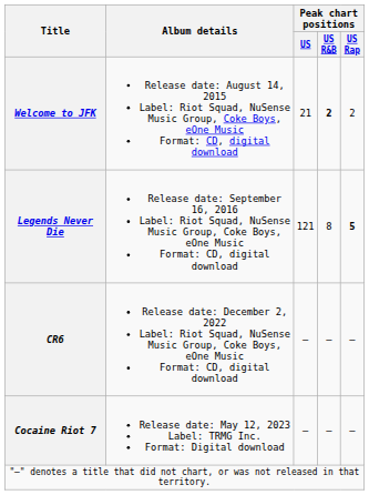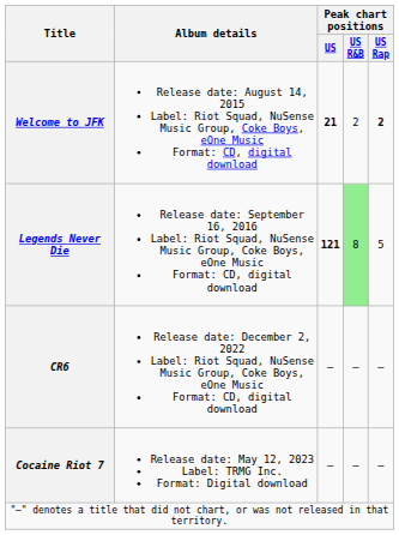 <table class="wikitable plainrowheaders" style="text-align:center;">
 <tr>
 <th scope="col" rowspan="2" style="width:10em;">Title</th>
 <th scope="col" rowspan="2" style="width:19em;">Album details</th>
 <th scope="col" colspan="3">Peak chart positions</th>
 </tr>
 <tr>
 <th scope="col" style="width:2.2em;font-size:90%;"><a href='#'>US</a></th>
 <th scope="col" style="width:2.2em;font-size:90%;"><a href='#'>US R&B</a></th>
 <th scope="col" style="width:2.2em;font-size:90%;"><a href='#'>US<br>Rap</a></th>
 </tr>
 <tr>
 <th scope="row"><em><a href='#'>Welcome to JFK</a></em></th>
 <td><br><ul><li>Release date: August 14, 2015</li><li>Label: Riot Squad, NuSense Music Group, <a href='#'>Coke Boys</a>, <a href='#'>eOne Music</a></li><li>Format: <a href='#'>CD</a>, <a href='#'>digital download</a></li></ul></td>
-<td>21</td>
+<td><strong>21</strong></td>
+<td>2</td>
 <td><strong>2</strong></td>
-<td>2</td>
 </tr>
 <tr>
 <th scope="row"><em><a href='#'>Legends Never Die</a></em></th>
 <td><br><ul><li>Release date: September 16, 2016</li><li>Label: Riot Squad, NuSense Music Group, Coke Boys, eOne Music</li><li>Format: CD, digital download</li></ul></td>
-<td>121</td>
-<td>8</td>
-<td><strong>5</strong></td>
+<td><strong>121</strong></td>
+<td style="background: lightgreen;">8</td>
+<td>5</td>
 </tr>
 <tr>
 <th scope="row"><em>CR6</em></th>
 <td><br><ul><li>Release date: December 2, 2022</li><li>Label: Riot Squad, NuSense Music Group, Coke Boys, eOne Music</li><li>Format: CD, digital download</li></ul></td>
 <td>—</td>
 <td>—</td>
 <td>—</td>
 </tr>
 <tr>
 <th scope="row"><em>Cocaine Riot 7</em></th>
 <td><br><ul><li>Release date: May 12, 2023</li><li>Label: TRMG Inc.</li><li>Format: Digital download</li></ul></td>
 <td>—</td>
 <td>—</td>
 <td>—</td>
 </tr>
 <tr>
 <td colspan="14" style="font-size:90%">"—" denotes a title that did not chart, or was not released in that territory.</td>
 </tr>
 </table>
